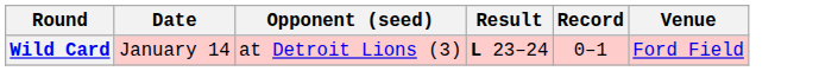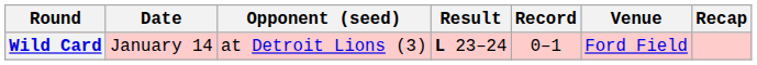 <table class="wikitable" style="text-align:center">
 <tr>
 <th>Round</th>
 <th>Date</th>
 <th>Opponent (seed)</th>
 <th>Result</th>
 <th>Record</th>
 <th>Venue</th>
+<th>Recap</th>
 </tr>
 <tr style="background:#fcc">
 <th><a href='#'>Wild Card</a></th>
 <td>January 14</td>
 <td>at <a href='#'>Detroit Lions</a> (3)</td>
 <td><strong>L</strong> 23–24</td>
 <td>0–1</td>
 <td><a href='#'>Ford Field</a></td>
+<td></td>
 </tr>
 </table>
